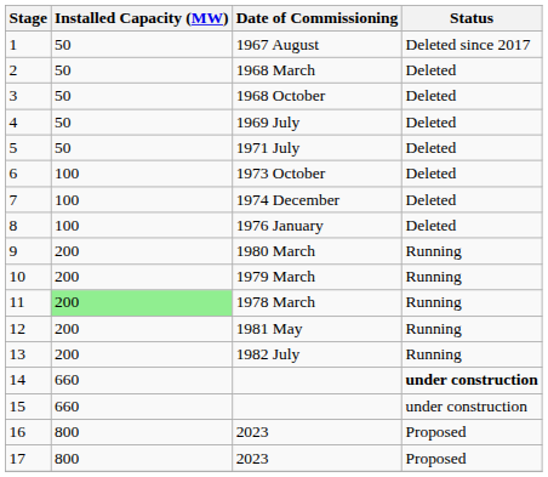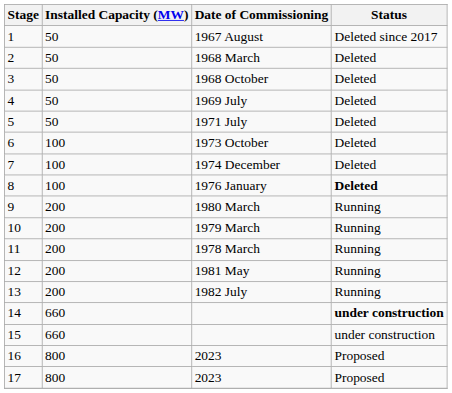 <table class="sortable wikitable">
 <tr>
 <th>Stage</th>
 <th>Installed Capacity (<a href='#'>MW</a>)</th>
 <th>Date of Commissioning</th>
 <th>Status</th>
 </tr>
 <tr>
 <td>1</td>
 <td>50</td>
 <td>1967 August</td>
 <td>Deleted since 2017 </td>
 </tr>
 <tr>
 <td>2</td>
 <td>50</td>
 <td>1968 March</td>
 <td>Deleted</td>
 </tr>
 <tr>
 <td>3</td>
 <td>50</td>
 <td>1968 October</td>
 <td>Deleted</td>
 </tr>
 <tr>
 <td>4</td>
 <td>50</td>
 <td>1969 July</td>
 <td>Deleted</td>
 </tr>
 <tr>
 <td>5</td>
 <td>50</td>
 <td>1971 July</td>
 <td>Deleted</td>
 </tr>
 <tr>
 <td>6</td>
 <td>100</td>
 <td>1973 October</td>
 <td>Deleted</td>
 </tr>
 <tr>
 <td>7</td>
 <td>100</td>
 <td>1974 December</td>
 <td>Deleted</td>
 </tr>
 <tr>
 <td>8</td>
 <td>100</td>
 <td>1976 January</td>
-<td>Deleted</td>
+<td><strong>Deleted</strong></td>
 </tr>
 <tr>
 <td>9</td>
 <td>200</td>
 <td>1980 March</td>
 <td>Running</td>
 </tr>
 <tr>
 <td>10</td>
 <td>200</td>
 <td>1979 March</td>
 <td>Running</td>
 </tr>
 <tr>
 <td>11</td>
-<td style="background: lightgreen;">200</td>
+<td>200</td>
 <td>1978 March</td>
 <td>Running</td>
 </tr>
 <tr>
 <td>12</td>
 <td>200</td>
 <td>1981 May</td>
 <td>Running</td>
 </tr>
 <tr>
 <td>13</td>
 <td>200</td>
 <td>1982 July</td>
 <td>Running</td>
 </tr>
 <tr>
 <td>14</td>
 <td>660</td>
 <td></td>
 <td><strong>under construction </strong></td>
 </tr>
 <tr>
 <td>15</td>
 <td>660</td>
 <td></td>
 <td>under construction</td>
 </tr>
 <tr>
 <td>16</td>
 <td>800</td>
 <td>2023</td>
 <td>Proposed</td>
 </tr>
 <tr>
 <td>17</td>
 <td>800</td>
 <td>2023</td>
 <td>Proposed</td>
 </tr>
 <tr>
 </tr>
 </table>
